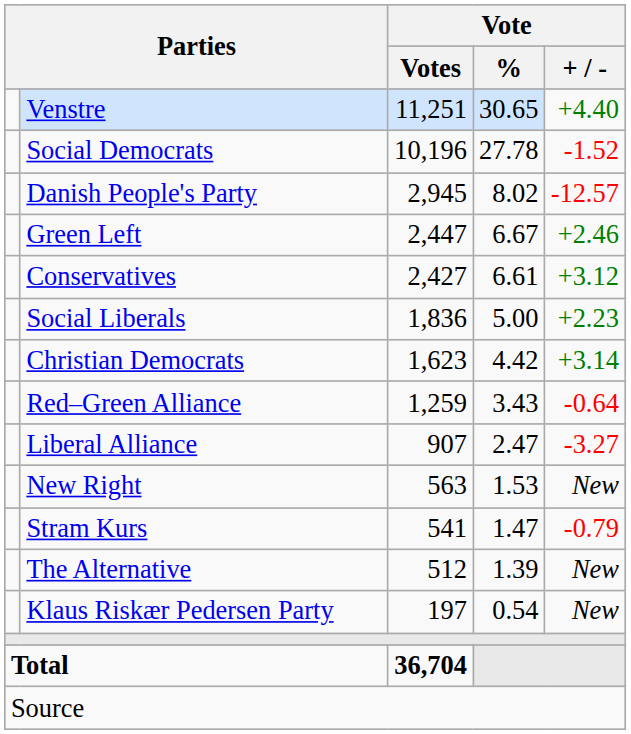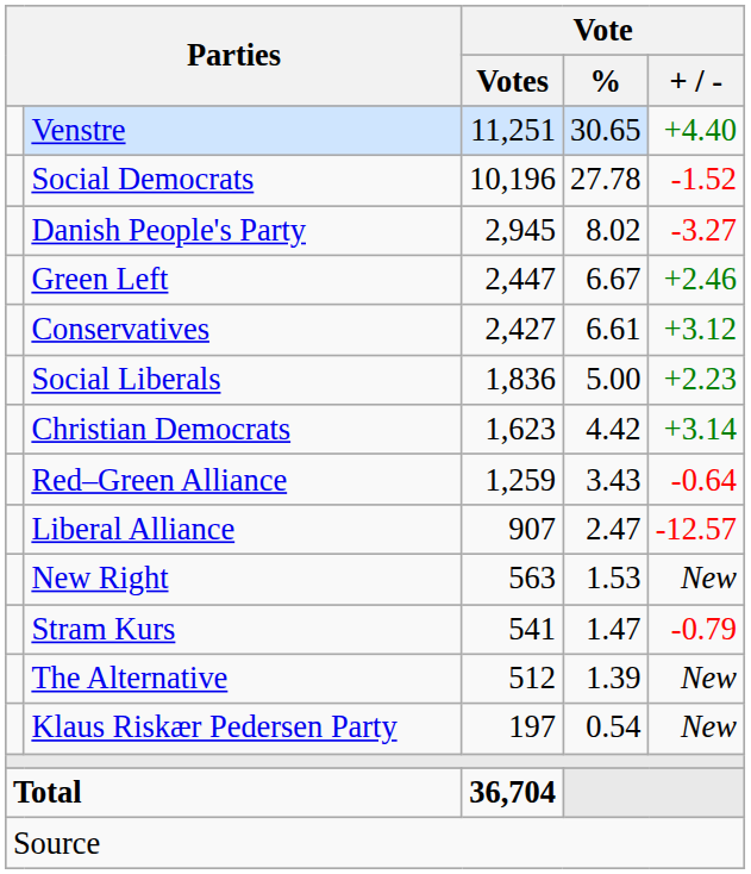 <table class="wikitable" style="text-align:right;">
 <tr>
 <th style="text-align:centre;" rowspan="2" colspan="2" width="225">Parties</th>
 <th colspan="3">Vote</th>
 </tr>
 <tr>
 <th width="15">Votes</th>
 <th width="15">%</th>
 <th width="15">+ / -</th>
 </tr>
 <tr>
 <td width="2" style="color:inherit;background:"></td>
 <td bgcolor=#cfe5fe  align="left"><a href='#'>Venstre</a></td>
 <td bgcolor=#cfe5fe>11,251</td>
 <td bgcolor=#cfe5fe>30.65</td>
 <td style=color:green;>+4.40</td>
 </tr>
 <tr>
 <td width="2" style="color:inherit;background:"></td>
 <td align="left"><a href='#'>Social Democrats</a></td>
 <td>10,196</td>
 <td>27.78</td>
 <td style=color:red;>-1.52</td>
 </tr>
 <tr>
 <td width="2" style="color:inherit;background:"></td>
 <td align="left"><a href='#'>Danish People's Party</a></td>
 <td>2,945</td>
 <td>8.02</td>
-<td style=color:red;>-12.57</td>
+<td style=color:red;>-3.27</td>
 </tr>
 <tr>
 <td width="2" style="color:inherit;background:"></td>
 <td align="left"><a href='#'>Green Left</a></td>
 <td>2,447</td>
 <td>6.67</td>
 <td style=color:green;>+2.46</td>
 </tr>
 <tr>
 <td width="2" style="color:inherit;background:"></td>
 <td align="left"><a href='#'>Conservatives</a></td>
 <td>2,427</td>
 <td>6.61</td>
 <td style=color:green;>+3.12</td>
 </tr>
 <tr>
 <td width="2" style="color:inherit;background:"></td>
 <td align="left"><a href='#'>Social Liberals</a></td>
 <td>1,836</td>
 <td>5.00</td>
 <td style=color:green;>+2.23</td>
 </tr>
 <tr>
 <td width="2" style="color:inherit;background:"></td>
 <td align="left"><a href='#'>Christian Democrats</a></td>
 <td>1,623</td>
 <td>4.42</td>
 <td style=color:green;>+3.14</td>
 </tr>
 <tr>
 <td width="2" style="color:inherit;background:"></td>
 <td align="left"><a href='#'>Red–Green Alliance</a></td>
 <td>1,259</td>
 <td>3.43</td>
 <td style=color:red;>-0.64</td>
 </tr>
 <tr>
 <td width="2" style="color:inherit;background:"></td>
 <td align="left"><a href='#'>Liberal Alliance</a></td>
 <td>907</td>
 <td>2.47</td>
-<td style=color:red;>-3.27</td>
+<td style=color:red;>-12.57</td>
 </tr>
 <tr>
 <td width="2" style="color:inherit;background:"></td>
 <td align="left"><a href='#'>New Right</a></td>
 <td>563</td>
 <td>1.53</td>
 <td><em>New</em></td>
 </tr>
 <tr>
 <td width="2" style="color:inherit;background:"></td>
 <td align="left"><a href='#'>Stram Kurs</a></td>
 <td>541</td>
 <td>1.47</td>
 <td style=color:red;>-0.79</td>
 </tr>
 <tr>
 <td width="2" style="color:inherit;background:"></td>
 <td align="left"><a href='#'>The Alternative</a></td>
 <td>512</td>
 <td>1.39</td>
 <td><em>New</em></td>
 </tr>
 <tr>
 <td width="2" style="color:inherit;background:"></td>
 <td align="left"><a href='#'>Klaus Riskær Pedersen Party</a></td>
 <td>197</td>
 <td>0.54</td>
 <td><em>New</em></td>
 </tr>
 <tr>
 <td colspan="7" bgcolor="#E9E9E9"></td>
 </tr>
 <tr>
 <td align="left" colspan="2"><strong>Total</strong></td>
 <td><strong>36,704</strong></td>
 <td bgcolor="#E9E9E9" colspan="2"></td>
 </tr>
 <tr>
 <td align="left" colspan="6">Source</td>
 </tr>
 </table>
